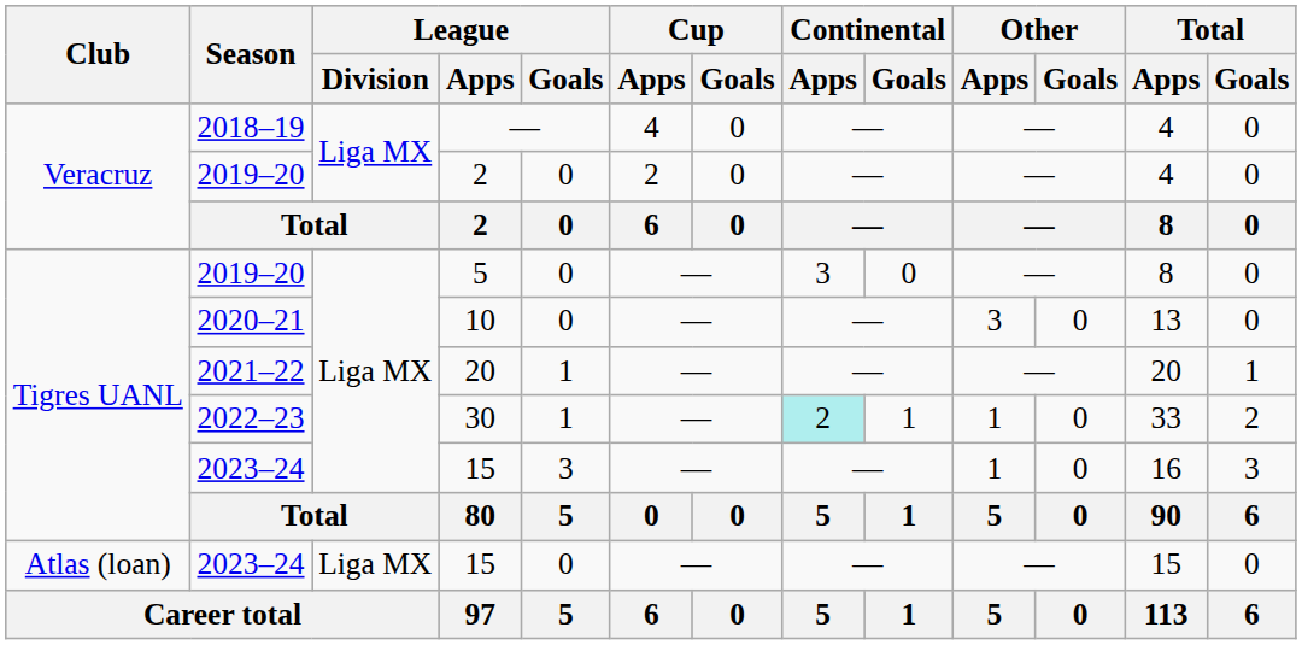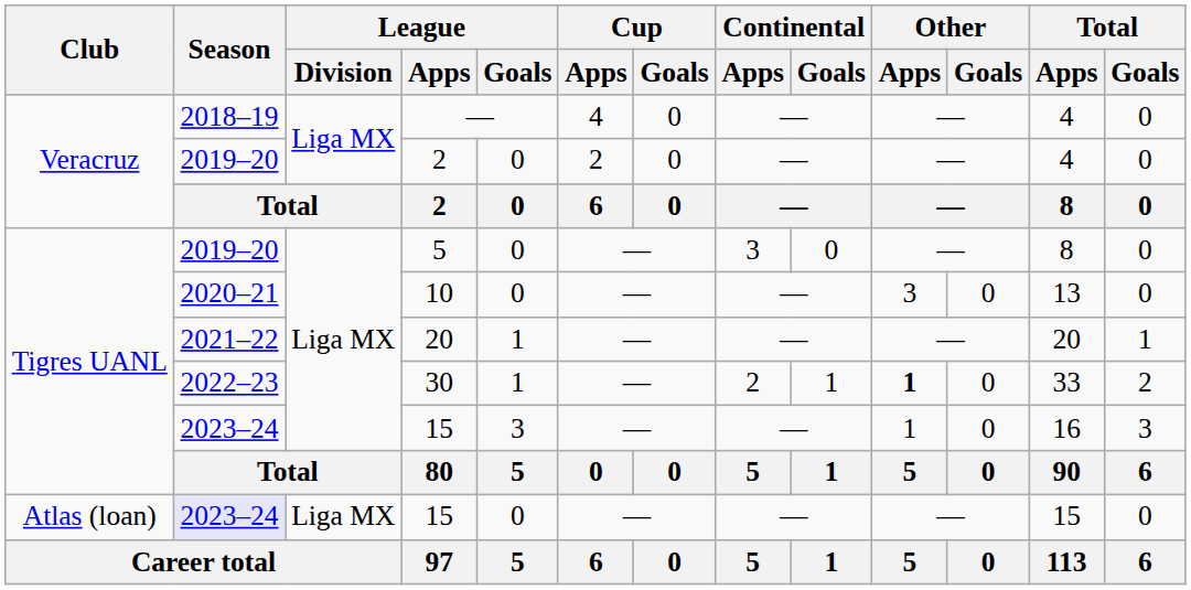 <table class="wikitable" style="text-align:center">
 <tr>
 <th rowspan="2">Club</th>
 <th rowspan="2">Season</th>
 <th colspan="3">League</th>
 <th colspan="2">Cup</th>
 <th colspan="2">Continental</th>
 <th colspan="2">Other</th>
 <th colspan="2">Total</th>
 </tr>
 <tr>
 <th>Division</th>
 <th>Apps</th>
 <th>Goals</th>
 <th>Apps</th>
 <th>Goals</th>
 <th>Apps</th>
 <th>Goals</th>
 <th>Apps</th>
 <th>Goals</th>
 <th>Apps</th>
 <th>Goals</th>
 </tr>
 <tr>
 <td rowspan="3"><a href='#'>Veracruz</a></td>
 <td><a href='#'>2018–19</a></td>
 <td rowspan="2"><a href='#'>Liga MX</a></td>
 <td colspan=2>—</td>
 <td>4</td>
 <td>0</td>
 <td colspan=2>—</td>
 <td colspan=2>—</td>
 <td>4</td>
 <td>0</td>
 </tr>
 <tr>
 <td><a href='#'>2019–20</a></td>
 <td>2</td>
 <td>0</td>
 <td>2</td>
 <td>0</td>
 <td colspan=2>—</td>
 <td colspan="2">—</td>
 <td>4</td>
 <td>0</td>
 </tr>
 <tr>
 <th colspan="2">Total</th>
 <th>2</th>
 <th>0</th>
 <th>6</th>
 <th>0</th>
 <th colspan="2">—</th>
 <th colspan="2">—</th>
 <th>8</th>
 <th>0</th>
 </tr>
 <tr>
 <td rowspan="6"><a href='#'>Tigres UANL</a></td>
 <td><a href='#'>2019–20</a></td>
 <td rowspan="5">Liga MX</td>
 <td>5</td>
 <td>0</td>
 <td colspan=2>—</td>
 <td>3</td>
 <td>0</td>
 <td colspan=2>—</td>
 <td>8</td>
 <td>0</td>
 </tr>
 <tr>
 <td><a href='#'>2020–21</a></td>
 <td>10</td>
 <td>0</td>
 <td colspan=2>—</td>
 <td colspan="2">—</td>
 <td>3</td>
 <td>0</td>
 <td>13</td>
 <td>0</td>
 </tr>
 <tr>
 <td><a href='#'>2021–22</a></td>
 <td>20</td>
 <td>1</td>
 <td colspan=2>—</td>
 <td colspan=2>—</td>
 <td colspan=2>—</td>
 <td>20</td>
 <td>1</td>
 </tr>
 <tr>
 <td><a href='#'>2022–23</a></td>
 <td>30</td>
 <td>1</td>
 <td colspan=2>—</td>
-<td style="background: paleturquoise;">2</td>
+<td>2</td>
 <td>1</td>
-<td>1</td>
+<td><strong>1</strong></td>
 <td>0</td>
 <td>33</td>
 <td>2</td>
 </tr>
 <tr>
 <td><a href='#'>2023–24</a></td>
 <td>15</td>
 <td>3</td>
 <td colspan=2>—</td>
 <td colspan=2>—</td>
 <td>1</td>
 <td>0</td>
 <td>16</td>
 <td>3</td>
 </tr>
 <tr>
 <th colspan="2">Total</th>
 <th>80</th>
 <th>5</th>
 <th>0</th>
 <th>0</th>
 <th>5</th>
 <th>1</th>
 <th>5</th>
 <th>0</th>
 <th>90</th>
 <th>6</th>
 </tr>
 <tr>
 <td><a href='#'>Atlas</a> (loan)</td>
-<td><a href='#'>2023–24</a></td>
+<td style="background: lavender;"><a href='#'>2023–24</a></td>
 <td>Liga MX</td>
 <td>15</td>
 <td>0</td>
 <td colspan=2>—</td>
 <td colspan=2>—</td>
 <td colspan=2>—</td>
 <td>15</td>
 <td>0</td>
 </tr>
 <tr>
 <th colspan="3">Career total</th>
 <th>97</th>
 <th>5</th>
 <th>6</th>
 <th>0</th>
 <th>5</th>
 <th>1</th>
 <th>5</th>
 <th>0</th>
 <th>113</th>
 <th>6</th>
 </tr>
 </table>
